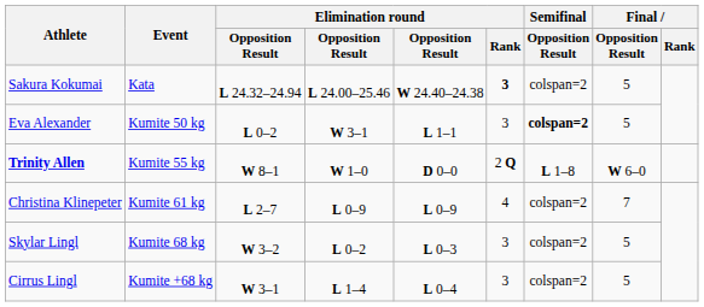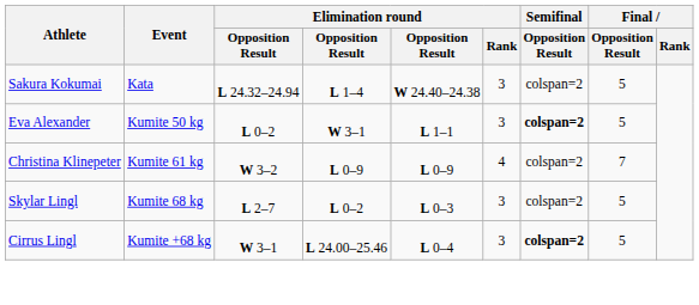 <table class=wikitable style=font-size:90%;text-align:center>
 <tr>
 <th rowspan=2>Athlete</th>
 <th rowspan=2>Event</th>
 <th colspan=4>Elimination round</th>
 <th>Semifinal</th>
 <th colspan=2>Final / </th>
 </tr>
 <tr style=font-size:95%>
 <th>Opposition<br>Result</th>
 <th>Opposition<br>Result</th>
 <th>Opposition<br>Result</th>
 <th>Rank</th>
 <th>Opposition<br>Result</th>
 <th>Opposition<br>Result</th>
 <th>Rank</th>
 </tr>
 <tr>
 <td align=left><a href='#'>Sakura Kokumai</a></td>
 <td align=left><a href='#'>Kata</a></td>
 <td><br><strong>L</strong> 24.32–24.94</td>
-<td><br><strong>L</strong> 24.00–25.46</td>
+<td><br><strong>L</strong> 1–4</td>
 <td><br><strong>W</strong> 24.40–24.38</td>
-<td><strong>3</strong></td>
+<td>3</td>
 <td>colspan=2 </td>
 <td>5</td>
 </tr>
 <tr>
 <td align=left><a href='#'>Eva Alexander</a></td>
 <td align=left><a href='#'>Kumite 50 kg</a></td>
 <td><br><strong>L</strong> 0–2</td>
 <td><br><strong>W</strong> 3–1</td>
 <td><br><strong>L</strong> 1–1</td>
 <td>3</td>
 <td><strong>colspan=2 </strong></td>
 <td>5</td>
 </tr>
 <tr>
-<td align=left><strong><a href='#'>Trinity Allen</a></strong></td>
-<td align=left><a href='#'>Kumite 55 kg</a></td>
-<td><br><strong>W</strong> 8–1</td>
-<td><br><strong>W</strong> 1–0</td>
-<td><br><strong>D</strong> 0–0</td>
-<td>2 <strong>Q</strong></td>
-<td><br><strong>L</strong> 1–8</td>
-<td><br><strong>W</strong> 6–0</td>
-<td></td>
-</tr>
-<tr>
 <td align=left><a href='#'>Christina Klinepeter</a></td>
 <td align=left><a href='#'>Kumite 61 kg</a></td>
-<td><br><strong>L</strong> 2–7</td>
+<td><br><strong>W</strong> 3–2</td>
 <td><br><strong>L</strong> 0–9</td>
 <td><br><strong>L</strong> 0–9</td>
 <td>4</td>
 <td>colspan=2 </td>
 <td>7</td>
 </tr>
 <tr>
 <td align=left><a href='#'>Skylar Lingl</a></td>
 <td align=left><a href='#'>Kumite 68 kg</a></td>
-<td><br><strong>W</strong> 3–2</td>
+<td><br><strong>L</strong> 2–7</td>
 <td><br><strong>L</strong> 0–2</td>
 <td><br><strong>L</strong> 0–3</td>
 <td>3</td>
 <td>colspan=2 </td>
 <td>5</td>
 </tr>
 <tr>
 <td align=left><a href='#'>Cirrus Lingl</a></td>
 <td align=left><a href='#'>Kumite +68 kg</a></td>
 <td><br><strong>W</strong> 3–1</td>
-<td><br><strong>L</strong> 1–4</td>
+<td><br><strong>L</strong> 24.00–25.46</td>
 <td><br><strong>L</strong> 0–4</td>
 <td>3</td>
-<td>colspan=2 </td>
+<td><strong>colspan=2 </strong></td>
 <td>5</td>
 </tr>
 </table>
